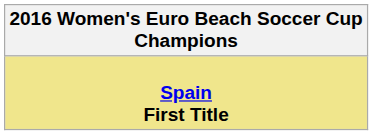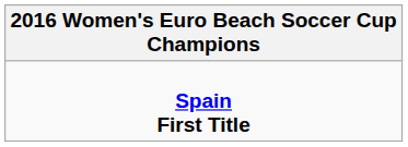 <table class="wikitable" style="margin: 0 auto;">
 <tr>
 <th>2016 Women's Euro Beach Soccer Cup<br>Champions</th>
 </tr>
 <tr>
-<td align=center style="background: khaki;"><br><strong><a href='#'>Spain</a></strong><br><strong>First Title</strong> <br></td>
+<td align=center><br><strong><a href='#'>Spain</a></strong><br><strong>First Title</strong> <br></td>
 </tr>
 </table>
